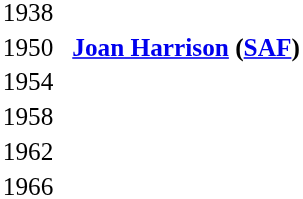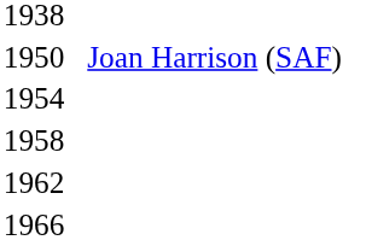 <table>
 <tr>
 <td>1938</td>
 <td></td>
 <td></td>
 <td></td>
 </tr>
 <tr>
 <td>1950</td>
 <td></td>
 <td></td>
-<td><strong> <a href='#'>Joan Harrison</a> (<a href='#'>SAF</a>)</strong></td>
+<td> <a href='#'>Joan Harrison</a> (<a href='#'>SAF</a>)</td>
 </tr>
 <tr>
 <td>1954</td>
 <td></td>
 <td></td>
 <td></td>
 </tr>
 <tr>
 <td>1958</td>
 <td></td>
 <td></td>
 <td></td>
 </tr>
 <tr>
 <td>1962</td>
 <td></td>
 <td></td>
 <td></td>
 </tr>
 <tr>
 <td>1966</td>
 <td></td>
 <td></td>
 <td></td>
 </tr>
 </table>
